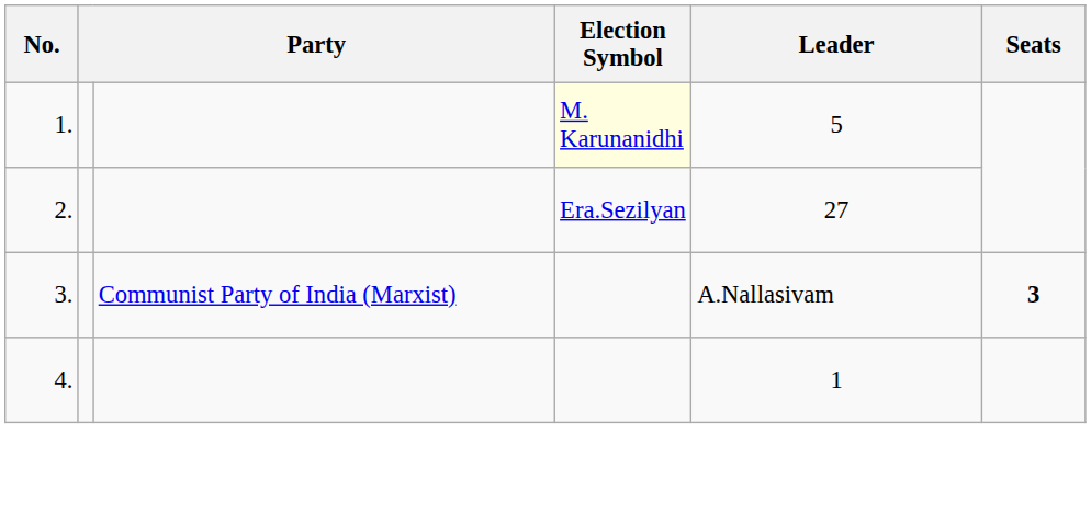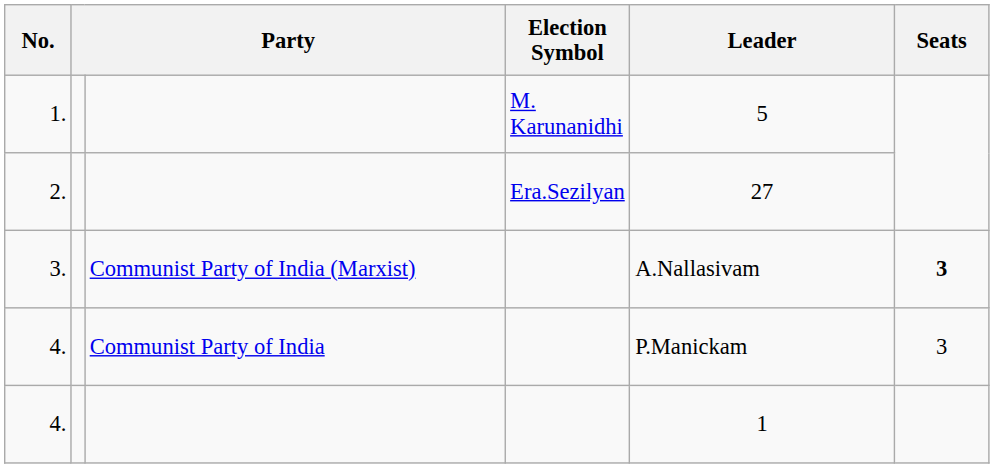 <table class="wikitable">
 <tr style="height: 50px;">
 <th scope="col" style="width:40px;">No.<br></th>
 <th scope="col" style="width:300px;"colspan="2">Party</th>
 <th scope="col" style="width:80px;">Election Symbol</th>
 <th scope="col" style="width:180px;">Leader</th>
 <th scope="col" style="width:60px;">Seats</th>
 </tr>
 <tr style="height: 55px;">
 <td style="text-align:right;">1.</td>
 <td></td>
 <td style="text-align:center;"></td>
-<td style="background: lightyellow;"><a href='#'>M. Karunanidhi</a></td>
+<td><a href='#'>M. Karunanidhi</a></td>
 <td style="text-align:center;">5</td>
 </tr>
 <tr style="height: 55px;">
 <td style="text-align:right;">2.</td>
 <td></td>
 <td></td>
 <td><a href='#'>Era.Sezilyan</a></td>
 <td style="text-align:center;">27</td>
 </tr>
 <tr style="height: 55px;">
 <td style="text-align:right;">3.</td>
 <td></td>
 <td><a href='#'>Communist Party of India  (Marxist)</a></td>
 <td style="text-align:center;"></td>
 <td>A.Nallasivam</td>
 <td style="text-align:center;"><strong>3</strong></td>
 </tr>
 <tr style="height: 55px;">
 <td style="text-align:right;">4.</td>
 <td></td>
+<td><a href='#'>Communist Party of India</a></td>
+<td style="text-align:center;"></td>
+<td>P.Manickam</td>
+<td style="text-align:center;">3</td>
+</tr>
+<tr style="height: 55px;">
+<td style="text-align:right;">4.</td>
+<td></td>
 <td style="text-align:center;"></td>
 <td></td>
 <td style="text-align:center;">1</td>
 </tr>
 </table>
